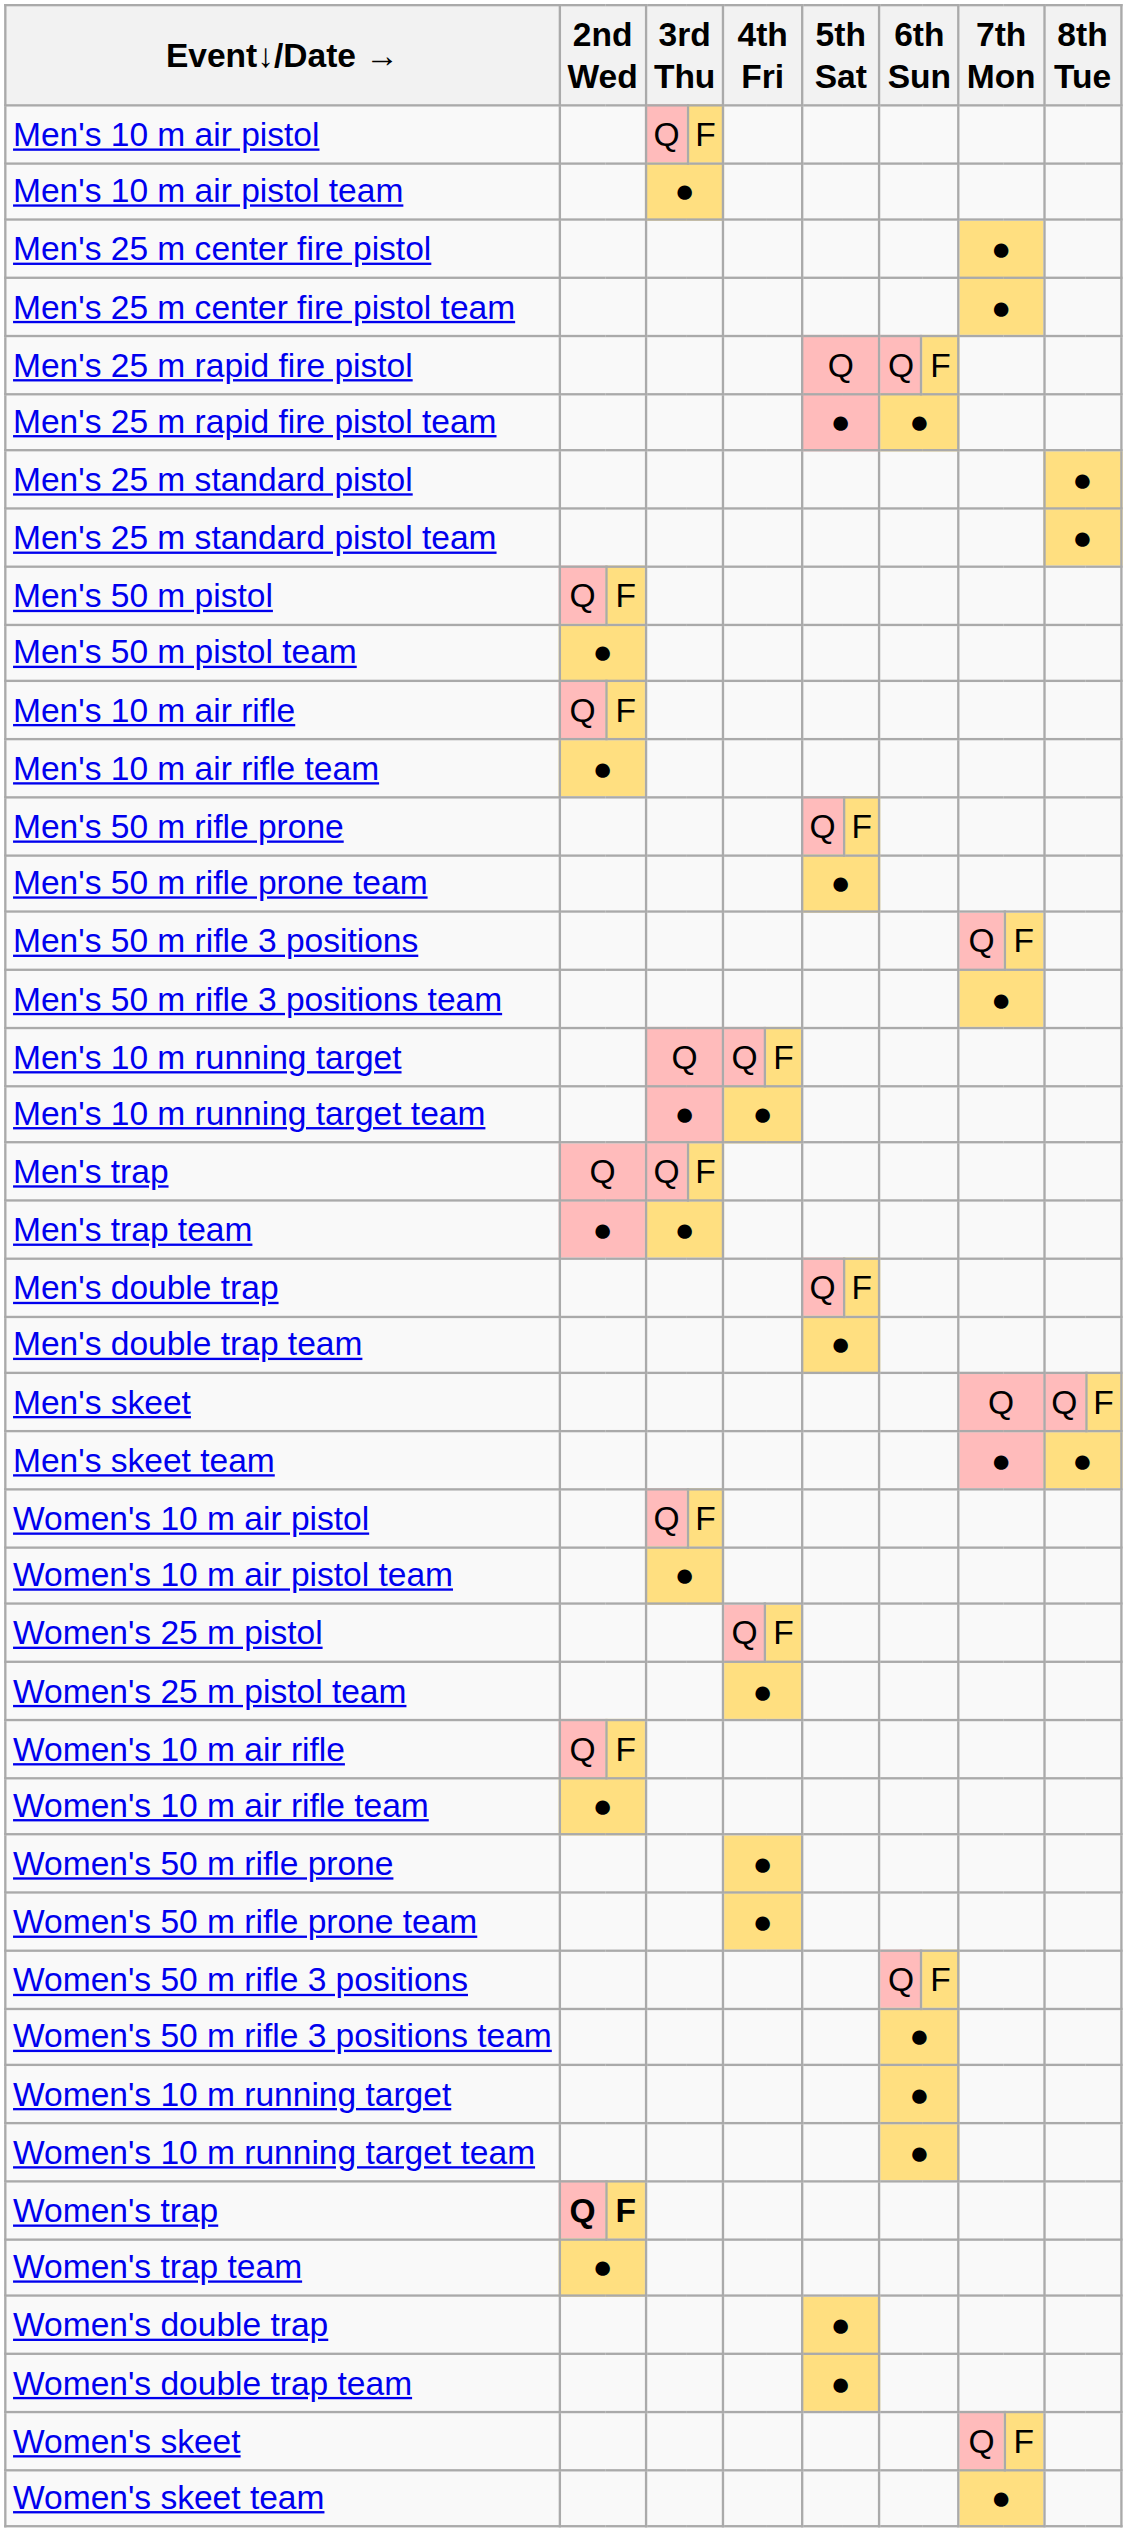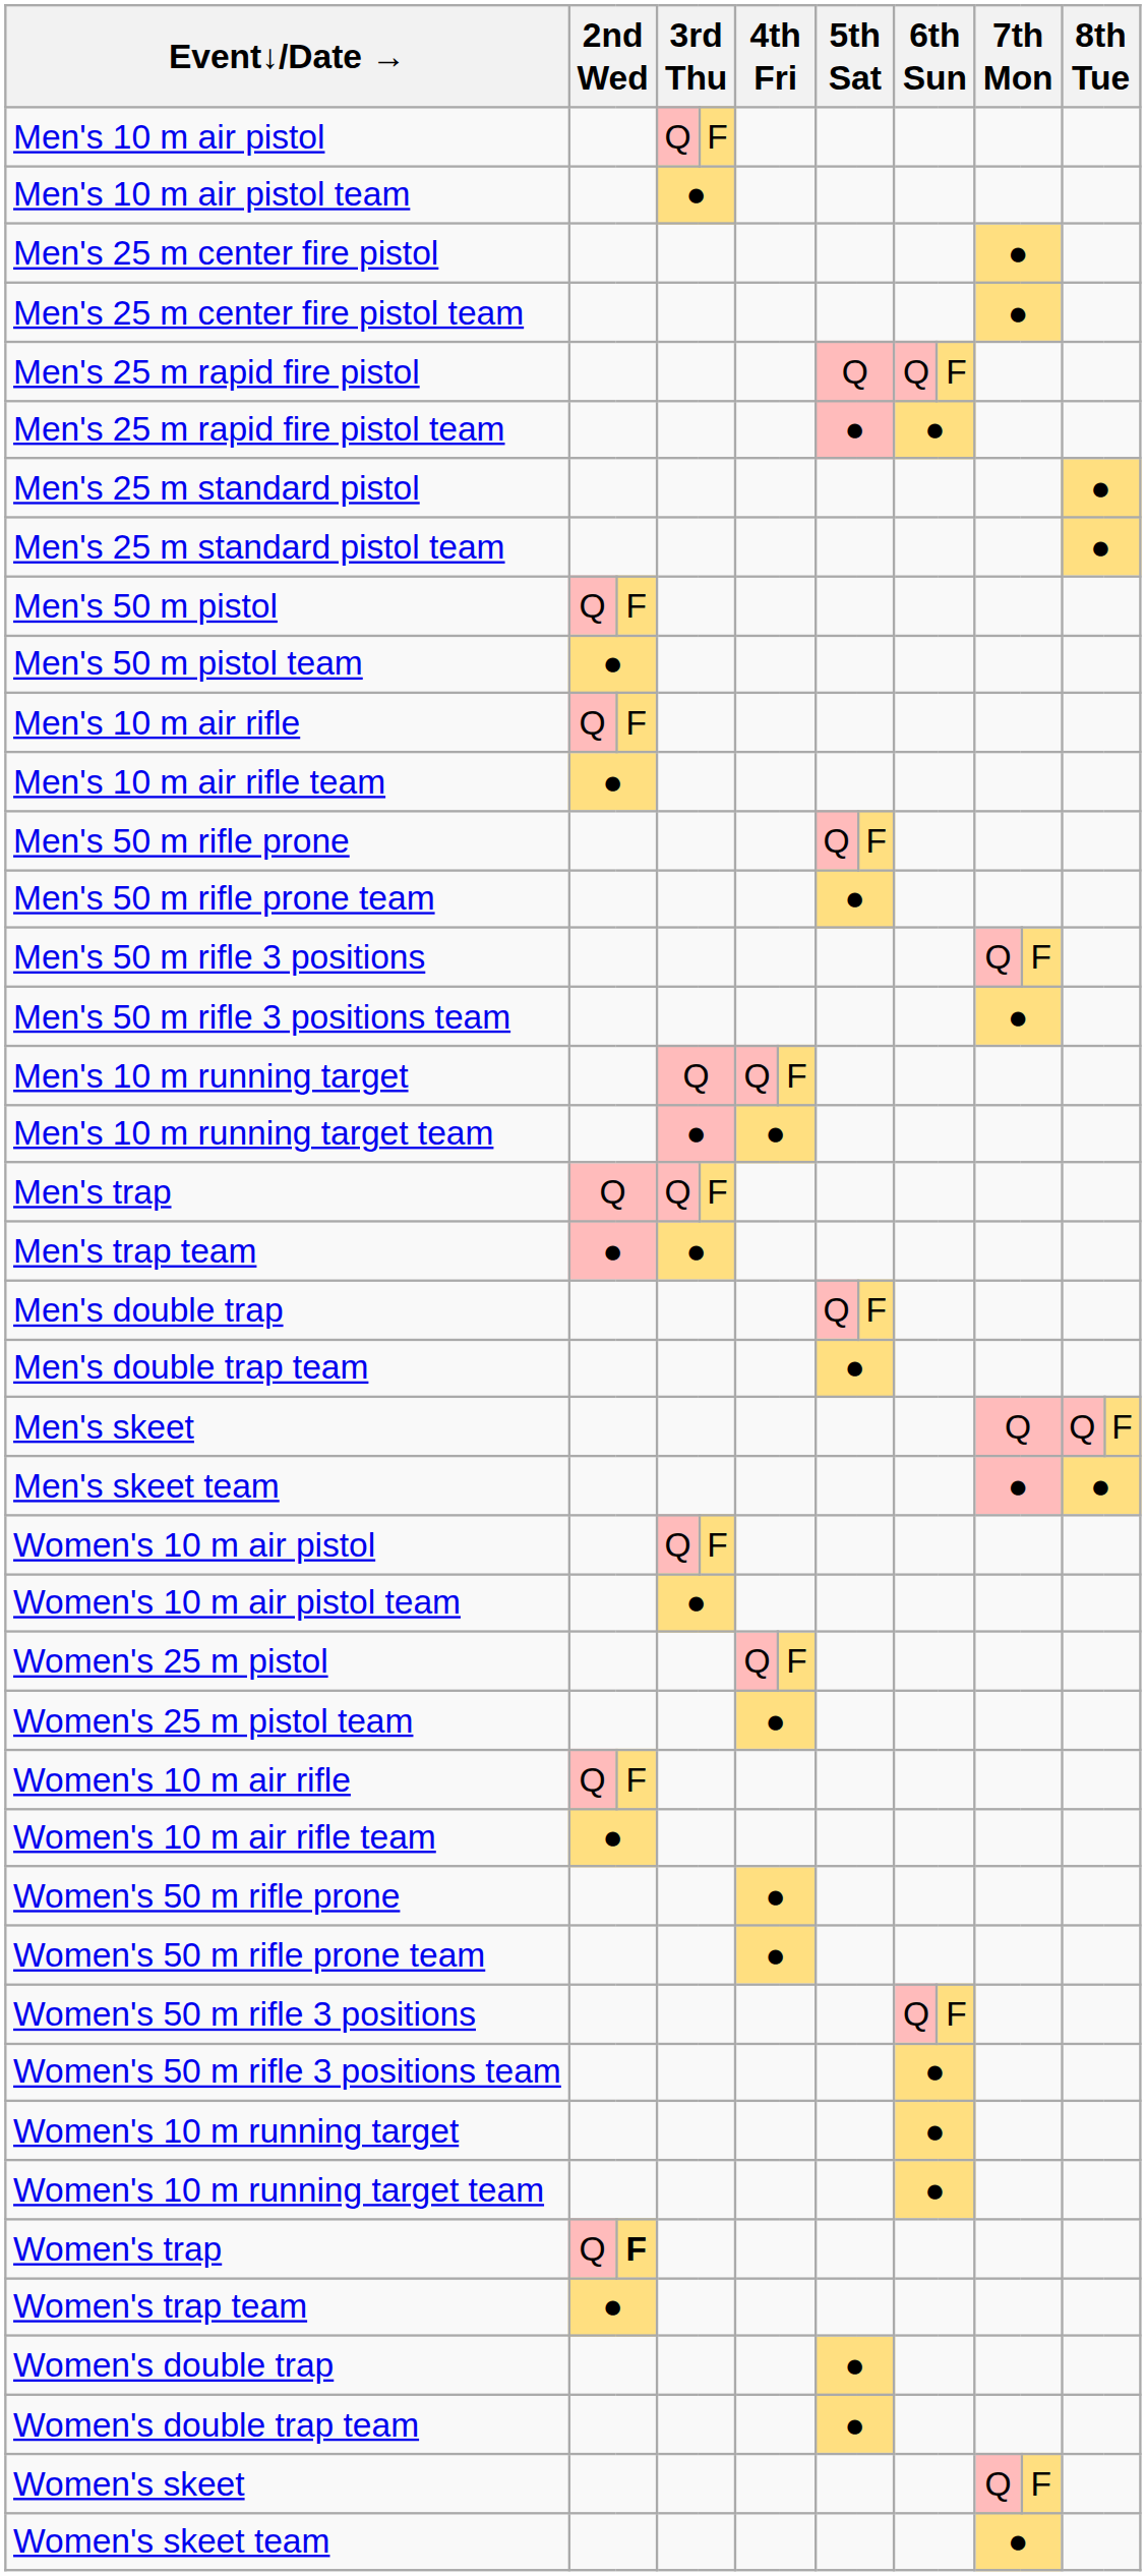 <table class="wikitable" style="margin:0.5em auto; font-size:90%; line-height:1.25em; text-align:center;">
 <tr>
 <th>Event↓/Date →</th>
 <th colspan=2>2nd<br>Wed</th>
 <th colspan=2>3rd<br>Thu</th>
 <th colspan=2>4th<br>Fri</th>
 <th colspan=2>5th<br>Sat</th>
 <th colspan=2>6th<br>Sun</th>
 <th colspan=2>7th<br>Mon</th>
 <th colspan=2>8th<br>Tue</th>
 </tr>
 <tr>
 <td align=left><a href='#'>Men's 10 m air pistol</a></td>
 <td colspan=2></td>
 <td bgcolor="#FFBBBB">Q</td>
 <td bgcolor="#FFDF80">F</td>
 <td colspan=2></td>
 <td colspan=2></td>
 <td colspan=2></td>
 <td colspan=2></td>
 <td colspan=2></td>
 </tr>
 <tr>
 <td align=left><a href='#'>Men's 10 m air pistol team</a></td>
 <td colspan=2></td>
 <td colspan=2 bgcolor="#FFDF80">●</td>
 <td colspan=2></td>
 <td colspan=2></td>
 <td colspan=2></td>
 <td colspan=2></td>
 <td colspan=2></td>
 </tr>
 <tr>
 <td align=left><a href='#'>Men's 25 m center fire pistol</a></td>
 <td colspan=2></td>
 <td colspan=2></td>
 <td colspan=2></td>
 <td colspan=2></td>
 <td colspan=2></td>
 <td colspan=2 bgcolor="#FFDF80">●</td>
 <td colspan=2></td>
 </tr>
 <tr>
 <td align=left><a href='#'>Men's 25 m center fire pistol team</a></td>
 <td colspan=2></td>
 <td colspan=2></td>
 <td colspan=2></td>
 <td colspan=2></td>
 <td colspan=2></td>
 <td colspan=2 bgcolor="#FFDF80">●</td>
 <td colspan=2></td>
 </tr>
 <tr>
 <td align=left><a href='#'>Men's 25 m rapid fire pistol</a></td>
 <td colspan=2></td>
 <td colspan=2></td>
 <td colspan=2></td>
 <td colspan=2 bgcolor="#FFBBBB">Q</td>
 <td bgcolor="#FFBBBB">Q</td>
 <td bgcolor="#FFDF80">F</td>
 <td colspan=2></td>
 <td colspan=2></td>
 </tr>
 <tr>
 <td align=left><a href='#'>Men's 25 m rapid fire pistol team</a></td>
 <td colspan=2></td>
 <td colspan=2></td>
 <td colspan=2></td>
 <td colspan=2 bgcolor="#FFBBBB">●</td>
 <td colspan=2 bgcolor="#FFDF80">●</td>
 <td colspan=2></td>
 <td colspan=2></td>
 </tr>
 <tr>
 <td align=left><a href='#'>Men's 25 m standard pistol</a></td>
 <td colspan=2></td>
 <td colspan=2></td>
 <td colspan=2></td>
 <td colspan=2></td>
 <td colspan=2></td>
 <td colspan=2></td>
 <td colspan=2 bgcolor="#FFDF80">●</td>
 </tr>
 <tr>
 <td align=left><a href='#'>Men's 25 m standard pistol team</a></td>
 <td colspan=2></td>
 <td colspan=2></td>
 <td colspan=2></td>
 <td colspan=2></td>
 <td colspan=2></td>
 <td colspan=2></td>
 <td colspan=2 bgcolor="#FFDF80">●</td>
 </tr>
 <tr>
 <td align=left><a href='#'>Men's 50 m pistol</a></td>
 <td bgcolor="#FFBBBB">Q</td>
 <td bgcolor="#FFDF80">F</td>
 <td colspan=2></td>
 <td colspan=2></td>
 <td colspan=2></td>
 <td colspan=2></td>
 <td colspan=2></td>
 <td colspan=2></td>
 </tr>
 <tr>
 <td align=left><a href='#'>Men's 50 m pistol team</a></td>
 <td colspan=2 bgcolor="#FFDF80">●</td>
 <td colspan=2></td>
 <td colspan=2></td>
 <td colspan=2></td>
 <td colspan=2></td>
 <td colspan=2></td>
 <td colspan=2></td>
 </tr>
 <tr>
 <td align=left><a href='#'>Men's 10 m air rifle</a></td>
 <td bgcolor="#FFBBBB">Q</td>
 <td bgcolor="#FFDF80">F</td>
 <td colspan=2></td>
 <td colspan=2></td>
 <td colspan=2></td>
 <td colspan=2></td>
 <td colspan=2></td>
 <td colspan=2></td>
 </tr>
 <tr>
 <td align=left><a href='#'>Men's 10 m air rifle team</a></td>
 <td colspan=2 bgcolor="#FFDF80">●</td>
 <td colspan=2></td>
 <td colspan=2></td>
 <td colspan=2></td>
 <td colspan=2></td>
 <td colspan=2></td>
 <td colspan=2></td>
 </tr>
 <tr>
 <td align=left><a href='#'>Men's 50 m rifle prone</a></td>
 <td colspan=2></td>
 <td colspan=2></td>
 <td colspan=2></td>
 <td bgcolor="#FFBBBB">Q</td>
 <td bgcolor="#FFDF80">F</td>
 <td colspan=2></td>
 <td colspan=2></td>
 <td colspan=2></td>
 </tr>
 <tr>
 <td align=left><a href='#'>Men's 50 m rifle prone team</a></td>
 <td colspan=2></td>
 <td colspan=2></td>
 <td colspan=2></td>
 <td colspan=2 bgcolor="#FFDF80">●</td>
 <td colspan=2></td>
 <td colspan=2></td>
 <td colspan=2></td>
 </tr>
 <tr>
 <td align=left><a href='#'>Men's 50 m rifle 3 positions</a></td>
 <td colspan=2></td>
 <td colspan=2></td>
 <td colspan=2></td>
 <td colspan=2></td>
 <td colspan=2></td>
 <td bgcolor="#FFBBBB">Q</td>
 <td bgcolor="#FFDF80">F</td>
 <td colspan=2></td>
 </tr>
 <tr>
 <td align=left><a href='#'>Men's 50 m rifle 3 positions team</a></td>
 <td colspan=2></td>
 <td colspan=2></td>
 <td colspan=2></td>
 <td colspan=2></td>
 <td colspan=2></td>
 <td colspan=2 bgcolor="#FFDF80">●</td>
 <td colspan=2></td>
 </tr>
 <tr>
 <td align=left><a href='#'>Men's 10 m running target</a></td>
 <td colspan=2></td>
 <td colspan=2 bgcolor="#FFBBBB">Q</td>
 <td bgcolor="#FFBBBB">Q</td>
 <td bgcolor="#FFDF80">F</td>
 <td colspan=2></td>
 <td colspan=2></td>
 <td colspan=2></td>
 <td colspan=2></td>
 </tr>
 <tr>
 <td align=left><a href='#'>Men's 10 m running target team</a></td>
 <td colspan=2></td>
 <td colspan=2 bgcolor="#FFBBBB">●</td>
 <td colspan=2 bgcolor="#FFDF80">●</td>
 <td colspan=2></td>
 <td colspan=2></td>
 <td colspan=2></td>
 <td colspan=2></td>
 </tr>
 <tr>
 <td align=left><a href='#'>Men's trap</a></td>
 <td colspan=2 bgcolor="#FFBBBB">Q</td>
 <td bgcolor="#FFBBBB">Q</td>
 <td bgcolor="#FFDF80">F</td>
 <td colspan=2></td>
 <td colspan=2></td>
 <td colspan=2></td>
 <td colspan=2></td>
 <td colspan=2></td>
 </tr>
 <tr>
 <td align=left><a href='#'>Men's trap team</a></td>
 <td colspan=2 bgcolor="#FFBBBB">●</td>
 <td colspan=2 bgcolor="#FFDF80">●</td>
 <td colspan=2></td>
 <td colspan=2></td>
 <td colspan=2></td>
 <td colspan=2></td>
 <td colspan=2></td>
 </tr>
 <tr>
 <td align=left><a href='#'>Men's double trap</a></td>
 <td colspan=2></td>
 <td colspan=2></td>
 <td colspan=2></td>
 <td bgcolor="#FFBBBB">Q</td>
 <td bgcolor="#FFDF80">F</td>
 <td colspan=2></td>
 <td colspan=2></td>
 <td colspan=2></td>
 </tr>
 <tr>
 <td align=left><a href='#'>Men's double trap team</a></td>
 <td colspan=2></td>
 <td colspan=2></td>
 <td colspan=2></td>
 <td colspan=2 bgcolor="#FFDF80">●</td>
 <td colspan=2></td>
 <td colspan=2></td>
 <td colspan=2></td>
 </tr>
 <tr>
 <td align=left><a href='#'>Men's skeet</a></td>
 <td colspan=2></td>
 <td colspan=2></td>
 <td colspan=2></td>
 <td colspan=2></td>
 <td colspan=2></td>
 <td colspan=2 bgcolor="#FFBBBB">Q</td>
 <td bgcolor="#FFBBBB">Q</td>
 <td bgcolor="#FFDF80">F</td>
 </tr>
 <tr>
 <td align=left><a href='#'>Men's skeet team</a></td>
 <td colspan=2></td>
 <td colspan=2></td>
 <td colspan=2></td>
 <td colspan=2></td>
 <td colspan=2></td>
 <td colspan=2 bgcolor="#FFBBBB">●</td>
 <td colspan=2 bgcolor="#FFDF80">●</td>
 </tr>
 <tr>
 <td align=left><a href='#'>Women's 10 m air pistol</a></td>
 <td colspan=2></td>
 <td bgcolor="#FFBBBB">Q</td>
 <td bgcolor="#FFDF80">F</td>
 <td colspan=2></td>
 <td colspan=2></td>
 <td colspan=2></td>
 <td colspan=2></td>
 <td colspan=2></td>
 </tr>
 <tr>
 <td align=left><a href='#'>Women's 10 m air pistol team</a></td>
 <td colspan=2></td>
 <td colspan=2 bgcolor="#FFDF80">●</td>
 <td colspan=2></td>
 <td colspan=2></td>
 <td colspan=2></td>
 <td colspan=2></td>
 <td colspan=2></td>
 </tr>
 <tr>
 <td align=left><a href='#'>Women's 25 m pistol</a></td>
 <td colspan=2></td>
 <td colspan=2></td>
 <td bgcolor="#FFBBBB">Q</td>
 <td bgcolor="#FFDF80">F</td>
 <td colspan=2></td>
 <td colspan=2></td>
 <td colspan=2></td>
 <td colspan=2></td>
 </tr>
 <tr>
 <td align=left><a href='#'>Women's 25 m pistol team</a></td>
 <td colspan=2></td>
 <td colspan=2></td>
 <td colspan=2 bgcolor="#FFDF80">●</td>
 <td colspan=2></td>
 <td colspan=2></td>
 <td colspan=2></td>
 <td colspan=2></td>
 </tr>
 <tr>
 <td align=left><a href='#'>Women's 10 m air rifle</a></td>
 <td bgcolor="#FFBBBB">Q</td>
 <td bgcolor="#FFDF80">F</td>
 <td colspan=2></td>
 <td colspan=2></td>
 <td colspan=2></td>
 <td colspan=2></td>
 <td colspan=2></td>
 <td colspan=2></td>
 </tr>
 <tr>
 <td align=left><a href='#'>Women's 10 m air rifle team</a></td>
 <td colspan=2 bgcolor="#FFDF80">●</td>
 <td colspan=2></td>
 <td colspan=2></td>
 <td colspan=2></td>
 <td colspan=2></td>
 <td colspan=2></td>
 <td colspan=2></td>
 </tr>
 <tr>
 <td align=left><a href='#'>Women's 50 m rifle prone</a></td>
 <td colspan=2></td>
 <td colspan=2></td>
 <td colspan=2 bgcolor="#FFDF80">●</td>
 <td colspan=2></td>
 <td colspan=2></td>
 <td colspan=2></td>
 <td colspan=2></td>
 </tr>
 <tr>
 <td align=left><a href='#'>Women's 50 m rifle prone team</a></td>
 <td colspan=2></td>
 <td colspan=2></td>
 <td colspan=2 bgcolor="#FFDF80">●</td>
 <td colspan=2></td>
 <td colspan=2></td>
 <td colspan=2></td>
 <td colspan=2></td>
 </tr>
 <tr>
 <td align=left><a href='#'>Women's 50 m rifle 3 positions</a></td>
 <td colspan=2></td>
 <td colspan=2></td>
 <td colspan=2></td>
 <td colspan=2></td>
 <td bgcolor="#FFBBBB">Q</td>
 <td bgcolor="#FFDF80">F</td>
 <td colspan=2></td>
 <td colspan=2></td>
 </tr>
 <tr>
 <td align=left><a href='#'>Women's 50 m rifle 3 positions team</a></td>
 <td colspan=2></td>
 <td colspan=2></td>
 <td colspan=2></td>
 <td colspan=2></td>
 <td colspan=2 bgcolor="#FFDF80">●</td>
 <td colspan=2></td>
 <td colspan=2></td>
 </tr>
 <tr>
 <td align=left><a href='#'>Women's 10 m running target</a></td>
 <td colspan=2></td>
 <td colspan=2></td>
 <td colspan=2></td>
 <td colspan=2></td>
 <td colspan=2 bgcolor="#FFDF80">●</td>
 <td colspan=2></td>
 <td colspan=2></td>
 </tr>
 <tr>
 <td align=left><a href='#'>Women's 10 m running target team</a></td>
 <td colspan=2></td>
 <td colspan=2></td>
 <td colspan=2></td>
 <td colspan=2></td>
 <td colspan=2 bgcolor="#FFDF80">●</td>
 <td colspan=2></td>
 <td colspan=2></td>
 </tr>
 <tr>
 <td align=left><a href='#'>Women's trap</a></td>
-<td bgcolor="#FFBBBB"><strong>Q</strong></td>
+<td bgcolor="#FFBBBB">Q</td>
 <td bgcolor="#FFDF80"><strong>F</strong></td>
 <td colspan=2></td>
 <td colspan=2></td>
 <td colspan=2></td>
 <td colspan=2></td>
 <td colspan=2></td>
 <td colspan=2></td>
 </tr>
 <tr>
 <td align=left><a href='#'>Women's trap team</a></td>
 <td colspan=2 bgcolor="#FFDF80">●</td>
 <td colspan=2></td>
 <td colspan=2></td>
 <td colspan=2></td>
 <td colspan=2></td>
 <td colspan=2></td>
 <td colspan=2></td>
 </tr>
 <tr>
 <td align=left><a href='#'>Women's double trap</a></td>
 <td colspan=2></td>
 <td colspan=2></td>
 <td colspan=2></td>
 <td colspan=2 bgcolor="#FFDF80">●</td>
 <td colspan=2></td>
 <td colspan=2></td>
 <td colspan=2></td>
 </tr>
 <tr>
 <td align=left><a href='#'>Women's double trap team</a></td>
 <td colspan=2></td>
 <td colspan=2></td>
 <td colspan=2></td>
 <td colspan=2 bgcolor="#FFDF80">●</td>
 <td colspan=2></td>
 <td colspan=2></td>
 <td colspan=2></td>
 </tr>
 <tr>
 <td align=left><a href='#'>Women's skeet</a></td>
 <td colspan=2></td>
 <td colspan=2></td>
 <td colspan=2></td>
 <td colspan=2></td>
 <td colspan=2></td>
 <td bgcolor="#FFBBBB">Q</td>
 <td bgcolor="#FFDF80">F</td>
 <td colspan=2></td>
 </tr>
 <tr>
 <td align=left><a href='#'>Women's skeet team</a></td>
 <td colspan=2></td>
 <td colspan=2></td>
 <td colspan=2></td>
 <td colspan=2></td>
 <td colspan=2></td>
 <td colspan=2 bgcolor="#FFDF80">●</td>
 <td colspan=2></td>
 </tr>
 </table>
